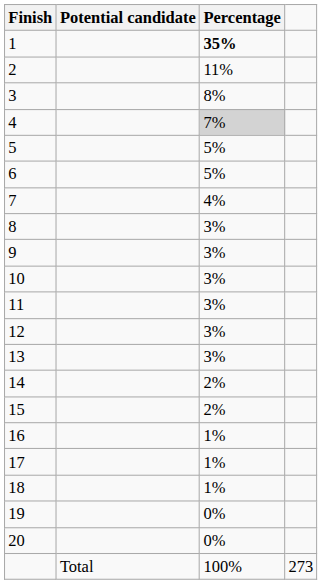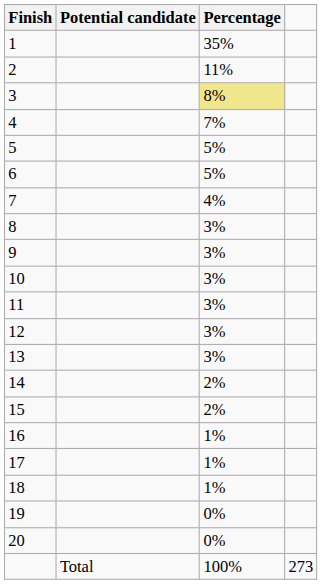 <table class="wikitable sortable">
 <tr>
 <th>Finish</th>
 <th>Potential candidate</th>
 <th>Percentage</th>
 </tr>
 <tr>
 <td>1</td>
 <td></td>
-<td><strong>35%</strong></td>
+<td>35%</td>
 <td></td>
 </tr>
 <tr>
 <td>2</td>
 <td></td>
 <td>11%</td>
 <td></td>
 </tr>
 <tr>
 <td>3</td>
 <td></td>
-<td>8%</td>
+<td style="background: khaki;">8%</td>
 <td></td>
 </tr>
 <tr>
 <td>4</td>
 <td></td>
-<td style="background: lightgrey;">7%</td>
+<td>7%</td>
 <td></td>
 </tr>
 <tr>
 <td>5</td>
 <td></td>
 <td>5%</td>
 <td></td>
 </tr>
 <tr>
 <td>6</td>
 <td></td>
 <td>5%</td>
 <td></td>
 </tr>
 <tr>
 <td>7</td>
 <td></td>
 <td>4%</td>
 <td></td>
 </tr>
 <tr>
 <td>8</td>
 <td></td>
 <td>3%</td>
 <td></td>
 </tr>
 <tr>
 <td>9</td>
 <td></td>
 <td>3%</td>
 <td></td>
 </tr>
 <tr>
 <td>10</td>
 <td></td>
 <td>3%</td>
 <td></td>
 </tr>
 <tr>
 <td>11</td>
 <td></td>
 <td>3%</td>
 <td></td>
 </tr>
 <tr>
 <td>12</td>
 <td></td>
 <td>3%</td>
 <td></td>
 </tr>
 <tr>
 <td>13</td>
 <td></td>
 <td>3%</td>
 <td></td>
 </tr>
 <tr>
 <td>14</td>
 <td></td>
 <td>2%</td>
 <td></td>
 </tr>
 <tr>
 <td>15</td>
 <td></td>
 <td>2%</td>
 <td></td>
 </tr>
 <tr>
 <td>16</td>
 <td></td>
 <td>1%</td>
 <td></td>
 </tr>
 <tr>
 <td>17</td>
 <td></td>
 <td>1%</td>
 <td></td>
 </tr>
 <tr>
 <td>18</td>
 <td></td>
 <td>1%</td>
 <td></td>
 </tr>
 <tr>
 <td>19</td>
 <td></td>
 <td>0%</td>
 <td></td>
 </tr>
 <tr>
 <td>20</td>
 <td></td>
 <td>0%</td>
 <td></td>
 </tr>
 <tr>
 <td></td>
 <td>Total</td>
 <td>100%</td>
 <td>273</td>
 </tr>
 </table>
